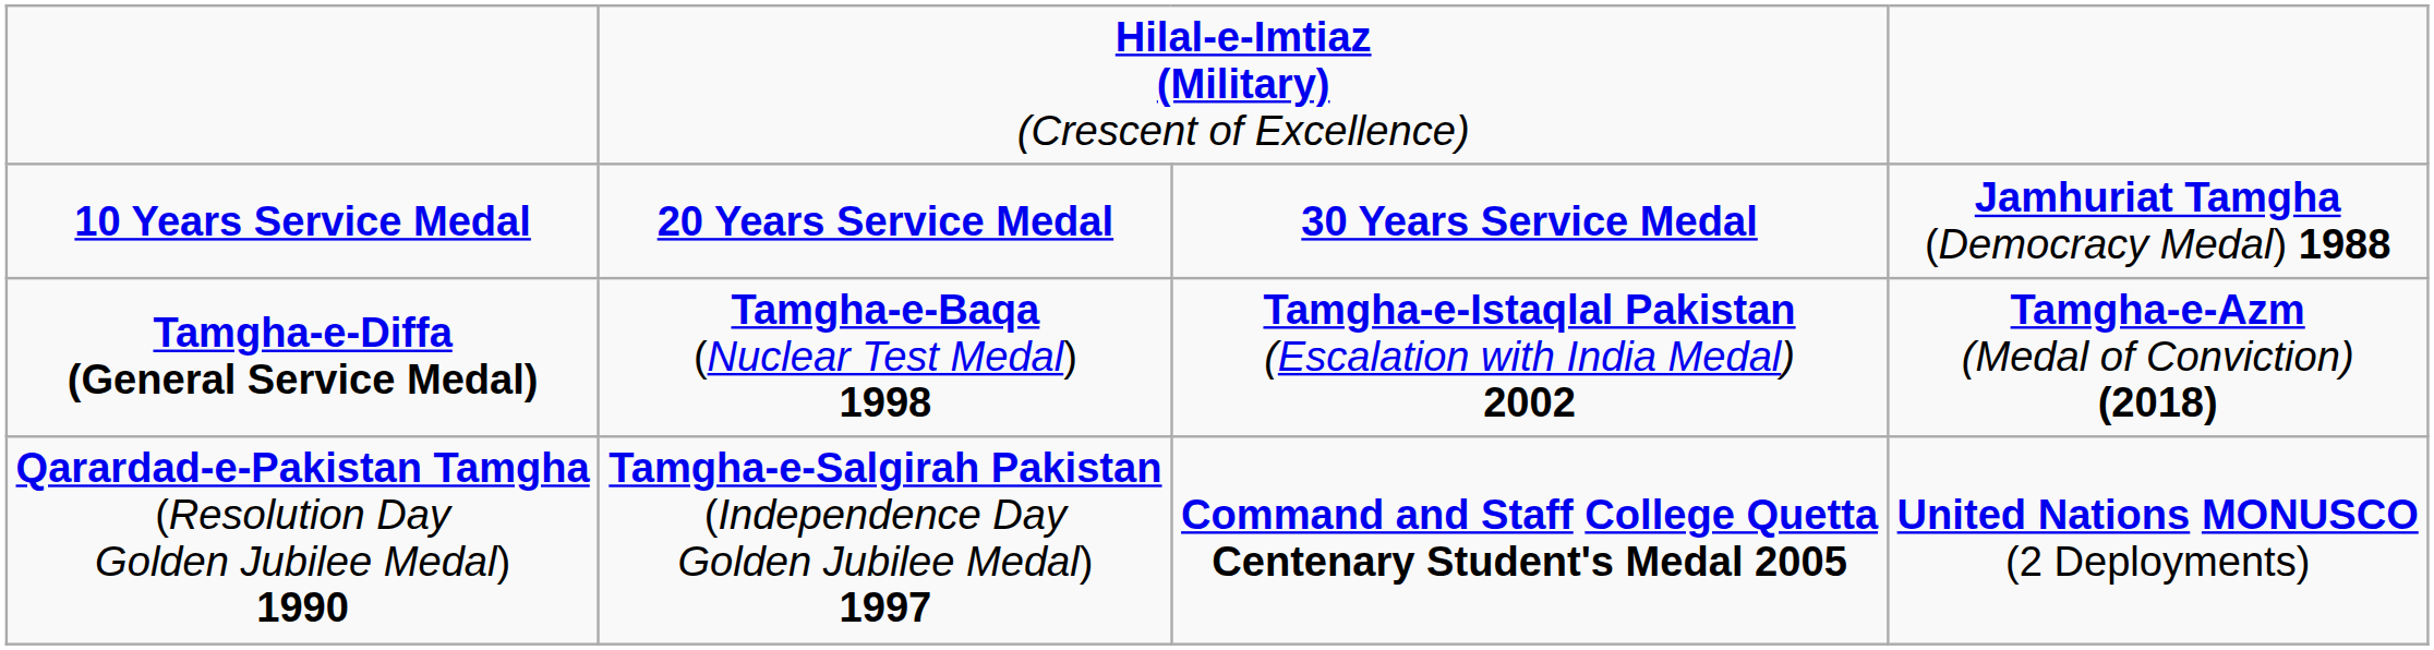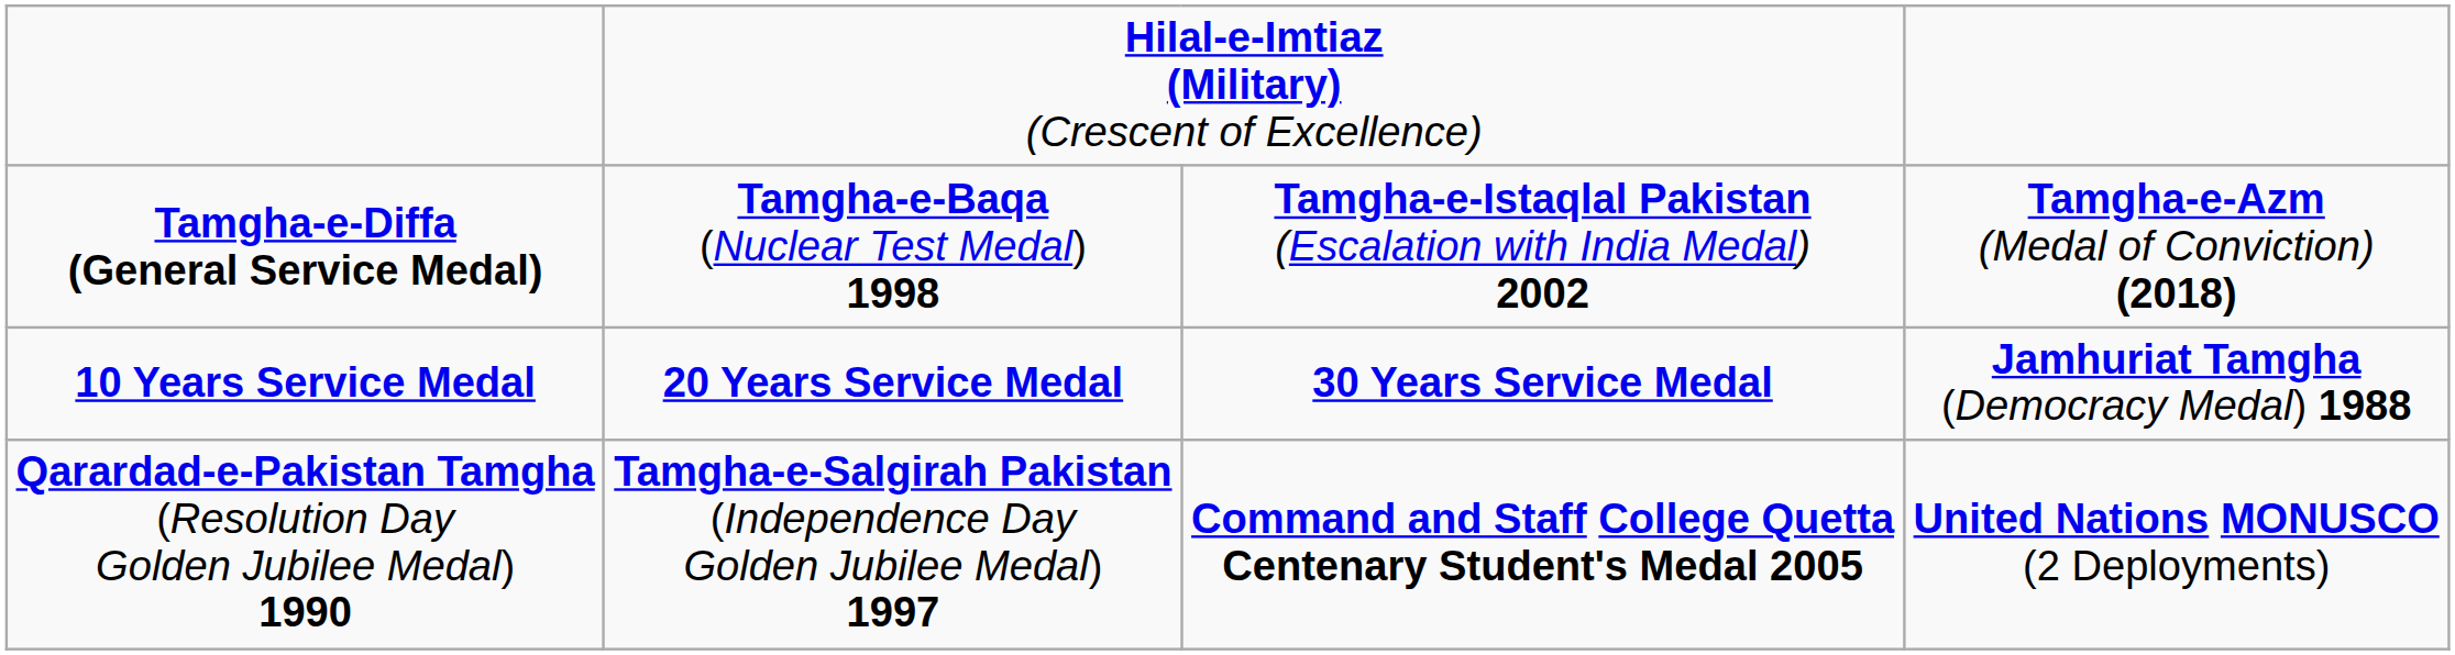 <table class="wikitable" style="margin:1em auto; text-align:center;">
 <tr>
 <td></td>
 <td colspan="2"><strong><a href='#'>Hilal-e-Imtiaz</a></strong><br><strong><a href='#'>(Military)</a></strong><br><em>(Crescent of Excellence)</em></td>
 <td></td>
+</tr>
+<tr>
+<td><strong><a href='#'>Tamgha-e-Diffa</a></strong><br><strong>(General Service Medal)</strong></td>
+<td><strong><a href='#'>Tamgha-e-Baqa</a></strong><br>(<em><a href='#'>Nuclear Test Medal</a></em>)<br><strong>1998</strong></td>
+<td><strong><a href='#'>Tamgha-e-Istaqlal Pakistan</a></strong><br><em>(<a href='#'>Escalation with India Medal</a>)</em><br><strong>2002</strong></td>
+<td><strong><a href='#'>Tamgha-e-Azm</a></strong><br><em>(Medal of Conviction)</em><br><strong>(2018)</strong></td>
 </tr>
 <tr>
 <td><strong><a href='#'>10 Years Service Medal</a></strong></td>
 <td><strong><a href='#'>20 Years Service Medal</a></strong></td>
 <td><strong><a href='#'>30 Years Service Medal</a></strong></td>
 <td><strong><a href='#'>Jamhuriat Tamgha</a></strong><br>(<em>Democracy Medal</em>) <strong>1988</strong></td>
 </tr>
 <tr>
-<td><strong><a href='#'>Tamgha-e-Diffa</a></strong><br><strong>(General Service Medal)</strong></td>
-<td><strong><a href='#'>Tamgha-e-Baqa</a></strong><br>(<em><a href='#'>Nuclear Test Medal</a></em>)<br><strong>1998</strong></td>
-<td><strong><a href='#'>Tamgha-e-Istaqlal Pakistan</a></strong><br><em>(<a href='#'>Escalation with India Medal</a>)</em><br><strong>2002</strong></td>
-<td><strong><a href='#'>Tamgha-e-Azm</a></strong><br><em>(Medal of Conviction)</em><br><strong>(2018)</strong></td>
-</tr>
-<tr>
 <td><strong><a href='#'>Qarardad-e-Pakistan Tamgha</a></strong><br>(<em>Resolution Day</em><br><em>Golden Jubilee Medal</em>)<br><strong>1990</strong></td>
 <td><strong><a href='#'>Tamgha-e-Salgirah Pakistan</a></strong><br>(<em>Independence Day</em><br><em>Golden Jubilee Medal</em>)<br><strong>1997</strong></td>
 <td><strong><a href='#'>Command and Staff</a></strong> <strong><a href='#'>College Quetta</a></strong><br><strong>Centenary Student's Medal</strong> <strong>2005</strong></td>
 <td><strong><a href='#'>United Nations</a> <a href='#'>MONUSCO</a></strong><br>(2 Deployments)</td>
 </tr>
 </table>
